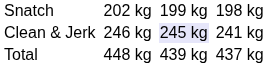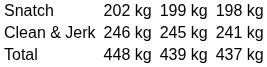 <table>
 <tr>
 <td>Snatch</td>
 <td></td>
 <td>202 kg</td>
 <td></td>
 <td>199 kg</td>
 <td></td>
 <td>198 kg</td>
 </tr>
 <tr>
 <td>Clean & Jerk</td>
 <td></td>
 <td>246 kg</td>
 <td></td>
-<td style="background: lavender;">245 kg</td>
+<td>245 kg</td>
 <td></td>
 <td>241 kg</td>
 </tr>
 <tr>
 <td>Total</td>
 <td></td>
 <td>448 kg</td>
 <td></td>
 <td>439 kg</td>
 <td></td>
 <td>437 kg</td>
 </tr>
 </table>
